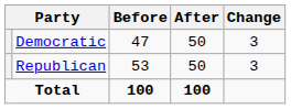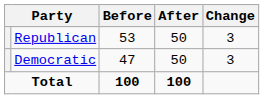 <table class="wikitable" style="text-align:center;">
 <tr>
 <th colspan="2">Party</th>
 <th>Before</th>
 <th>After</th>
 <th>Change</th>
 </tr>
 <tr>
 <th style="background-color:"></th>
-<td style="text-align:left;"><a href='#'>Democratic</a></td>
-<td>47</td>
+<td style="text-align:left;"><a href='#'>Republican</a></td>
+<td>53</td>
 <td>50</td>
 <td> 3</td>
 </tr>
 <tr>
 <th style="background-color:"></th>
-<td style="text-align:left;"><a href='#'>Republican</a></td>
-<td>53</td>
+<td style="text-align:left;"><a href='#'>Democratic</a></td>
+<td>47</td>
 <td>50</td>
 <td> 3</td>
 </tr>
 <tr>
 <td colspan="2"><strong>Total</strong></td>
 <td><strong>100</strong></td>
 <td><strong>100</strong></td>
 <td></td>
 </tr>
 </table>
